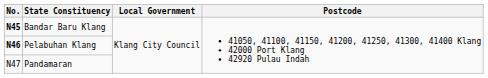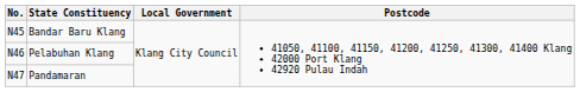 <table class="wikitable">
 <tr>
 <th>No.</th>
 <th>State Constituency</th>
 <th>Local Government</th>
 <th>Postcode</th>
 </tr>
 <tr>
-<td><strong>N45</strong></td>
+<td>N45</td>
 <td>Bandar Baru Klang</td>
 <td rowspan="3">Klang City Council</td>
 <td rowspan="3"><br><ul><li>41050, 41100, 41150, 41200, 41250, 41300, 41400 Klang</li><li>42000 Port Klang</li><li>42920 Pulau Indah</li></ul></td>
 </tr>
 <tr>
-<td><strong>N46</strong></td>
+<td>N46</td>
 <td>Pelabuhan Klang</td>
 </tr>
 <tr>
 <td>N47</td>
 <td>Pandamaran</td>
 </tr>
 </table>
